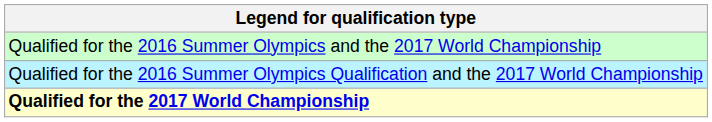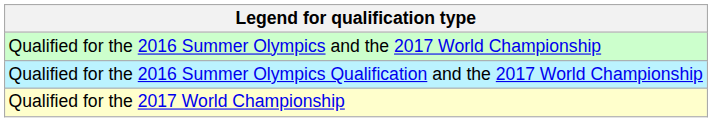 <table class="wikitable">
 <tr>
 <th>Legend for qualification type</th>
 </tr>
 <tr bgcolor=#ccffcc>
 <td>Qualified for the <a href='#'>2016 Summer Olympics</a> and the <a href='#'>2017 World Championship</a></td>
 </tr>
 <tr bgcolor=#BBF3FF>
 <td>Qualified for the <a href='#'>2016 Summer Olympics Qualification</a> and the <a href='#'>2017 World Championship</a></td>
 </tr>
 <tr bgcolor=#ffffcc>
-<td><strong>Qualified for the <a href='#'>2017 World Championship</a></strong></td>
+<td>Qualified for the <a href='#'>2017 World Championship</a></td>
 </tr>
 </table>
